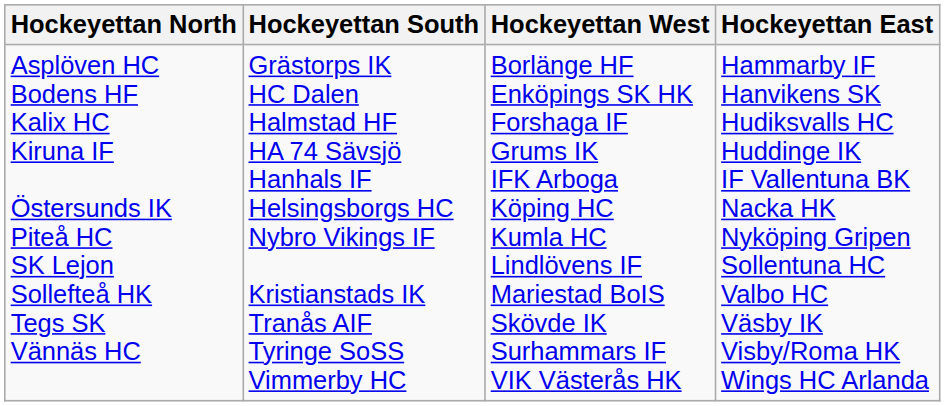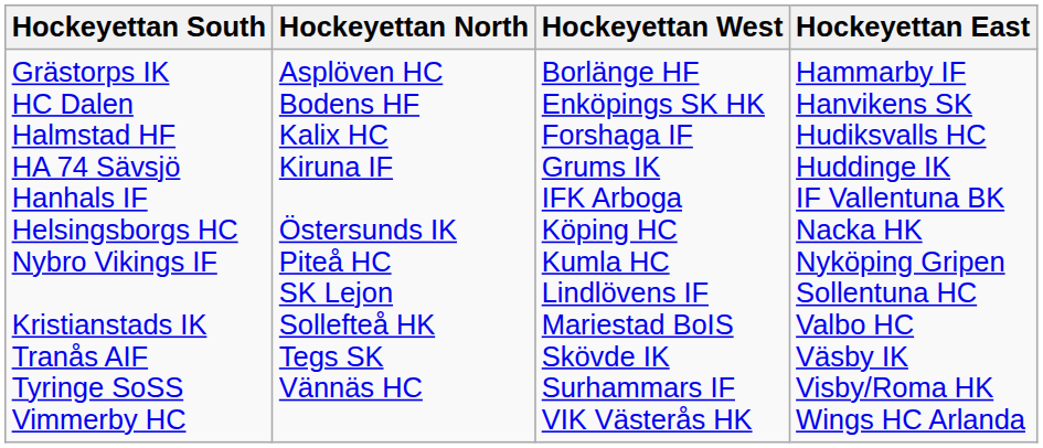 <table class="wikitable">
 <tr>
+<th>Hockeyettan South</th>
 <th>Hockeyettan North</th>
-<th>Hockeyettan South</th>
 <th>Hockeyettan West</th>
 <th>Hockeyettan East</th>
 </tr>
 <tr>
+<td valign=top><a href='#'>Grästorps IK</a><br><a href='#'>HC Dalen</a><br><a href='#'>Halmstad HF</a><br><a href='#'>HA 74 Sävsjö</a><br><a href='#'>Hanhals IF</a><br><a href='#'>Helsingsborgs HC</a><br><a href='#'>Nybro Vikings IF</a><br><br><a href='#'>Kristianstads IK</a><br><a href='#'>Tranås AIF</a><br><a href='#'>Tyringe SoSS</a><br><a href='#'>Vimmerby HC</a></td>
 <td valign=top><a href='#'>Asplöven HC</a><br><a href='#'>Bodens HF</a><br><a href='#'>Kalix HC</a><br><a href='#'>Kiruna IF</a><br><br><a href='#'>Östersunds IK</a><br><a href='#'>Piteå HC</a><br><a href='#'>SK Lejon</a><br><a href='#'>Sollefteå HK</a><br><a href='#'>Tegs SK</a><br><a href='#'>Vännäs HC</a></td>
-<td valign=top><a href='#'>Grästorps IK</a><br><a href='#'>HC Dalen</a><br><a href='#'>Halmstad HF</a><br><a href='#'>HA 74 Sävsjö</a><br><a href='#'>Hanhals IF</a><br><a href='#'>Helsingsborgs HC</a><br><a href='#'>Nybro Vikings IF</a><br><br><a href='#'>Kristianstads IK</a><br><a href='#'>Tranås AIF</a><br><a href='#'>Tyringe SoSS</a><br><a href='#'>Vimmerby HC</a></td>
 <td valign=top><a href='#'>Borlänge HF</a><br><a href='#'>Enköpings SK HK</a><br><a href='#'>Forshaga IF</a><br><a href='#'>Grums IK</a><br><a href='#'>IFK Arboga</a><br><a href='#'>Köping HC</a><br><a href='#'>Kumla HC</a><br><a href='#'>Lindlövens IF</a><br><a href='#'>Mariestad BoIS</a><br><a href='#'>Skövde IK</a><br><a href='#'>Surhammars IF</a><br><a href='#'>VIK Västerås HK</a></td>
 <td valign=top><a href='#'>Hammarby IF</a><br><a href='#'>Hanvikens SK</a><br><a href='#'>Hudiksvalls HC</a><br><a href='#'>Huddinge IK</a><br><a href='#'>IF Vallentuna BK</a><br><a href='#'>Nacka HK</a><br><a href='#'>Nyköping Gripen</a><br><a href='#'>Sollentuna HC</a><br><a href='#'>Valbo HC</a><br><a href='#'>Väsby IK</a><br><a href='#'>Visby/Roma HK</a><br><a href='#'>Wings HC Arlanda</a></td>
 </tr>
 </table>
